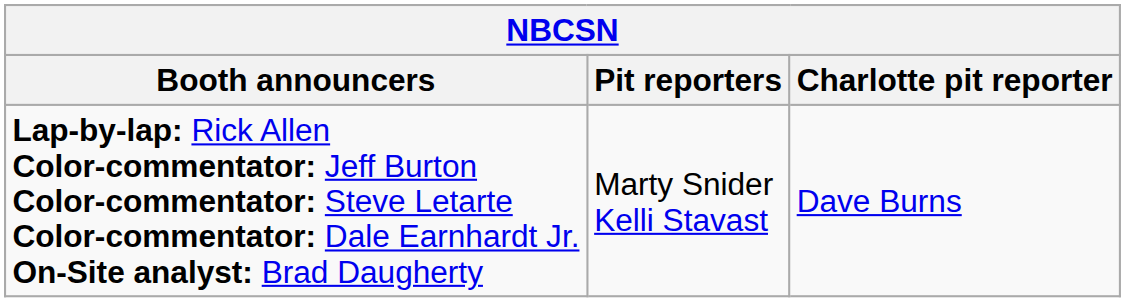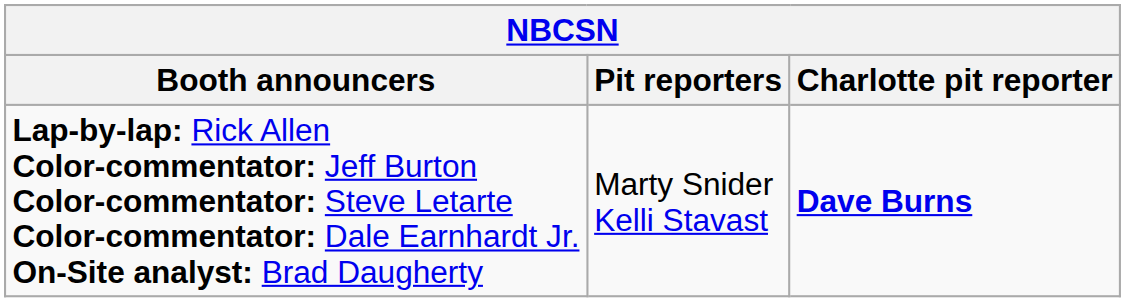 <table class="wikitable" style="font-size: 95%">
 <tr>
 <th colspan="3"><a href='#'>NBCSN</a></th>
 </tr>
 <tr>
 <th>Booth announcers</th>
 <th>Pit reporters</th>
 <th>Charlotte pit reporter</th>
 </tr>
 <tr>
 <td><strong>Lap-by-lap:</strong> <a href='#'>Rick Allen</a><br><strong>Color-commentator:</strong> <a href='#'>Jeff Burton</a><br><strong>Color-commentator:</strong> <a href='#'>Steve Letarte</a><br><strong>Color-commentator:</strong> <a href='#'>Dale Earnhardt Jr.</a><br><strong>On-Site analyst:</strong> <a href='#'>Brad Daugherty</a></td>
 <td>Marty Snider<br><a href='#'>Kelli Stavast</a></td>
-<td><a href='#'>Dave Burns</a></td>
+<td><strong><a href='#'>Dave Burns</a></strong></td>
 </tr>
 </table>
